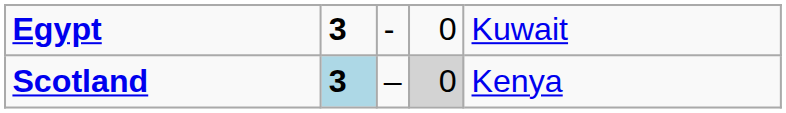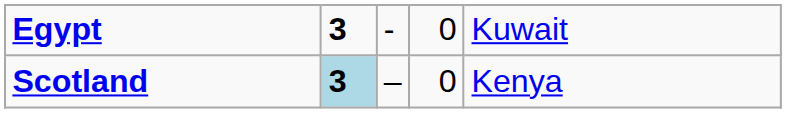 <table class="wikitable">
 <tr>
 <td width=150> <strong><a href='#'>Egypt</a></strong></td>
 <td style="width:20px; text-align:left;"><strong>3</strong></td>
 <td>-</td>
 <td style="width:20px; text-align:right;">0</td>
 <td width=150> <a href='#'>Kuwait</a></td>
 </tr>
 <tr>
 <td> <strong><a href='#'>Scotland</a></strong></td>
 <td style="background: lightblue; text-align:left;"><strong>3</strong></td>
 <td>–</td>
-<td style="background: lightgrey; text-align:right;">0</td>
+<td style="text-align:right;">0</td>
 <td> <a href='#'>Kenya</a></td>
 </tr>
 </table>
